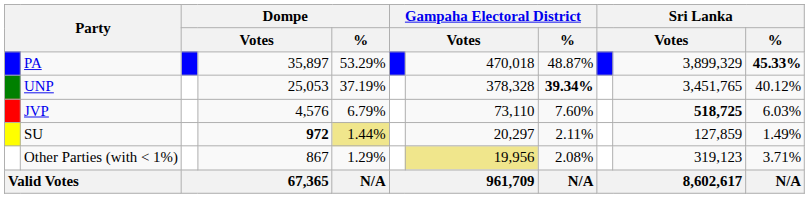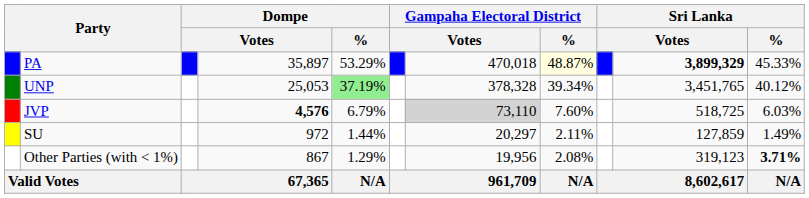 <table class="wikitable">
 <tr>
 <th colspan="2" width="144px"rowspan="2">Party</th>
 <th colspan="3" width="216px">Dompe</th>
 <th colspan="3" width="216px"><a href='#'>Gampaha Electoral District</a></th>
 <th colspan="3" width="216px">Sri Lanka</th>
 </tr>
 <tr>
 <th colspan="2" width="144px">Votes</th>
 <th>%</th>
 <th colspan="2" width="144px">Votes</th>
 <th>%</th>
 <th colspan="2" width="144px">Votes</th>
 <th>%</th>
 </tr>
 <tr>
 <td style="background-color:blue;" width="10px"></td>
 <td style="text-align:left;"><a href='#'>PA</a></td>
 <td style="background-color:blue;" width="10px"></td>
 <td style="text-align:right;">35,897</td>
 <td style="text-align:right;">53.29%</td>
 <td style="background-color:blue;" width="10px"></td>
 <td style="text-align:right;">470,018</td>
-<td style="text-align:right;">48.87%</td>
+<td style="background: lightyellow; text-align:right;">48.87%</td>
 <td style="background-color:blue;" width="10px"></td>
-<td style="text-align:right;">3,899,329</td>
-<td style="text-align:right;"><strong>45.33%</strong></td>
+<td style="text-align:right;"><strong>3,899,329</strong></td>
+<td style="text-align:right;">45.33%</td>
 </tr>
 <tr>
 <td style="background-color:green;" width="10px"></td>
 <td style="text-align:left;"><a href='#'>UNP</a></td>
 <td style="background-color:white;" width="10px"></td>
 <td style="text-align:right;">25,053</td>
-<td style="text-align:right;">37.19%</td>
+<td style="background: lightgreen; text-align:right;">37.19%</td>
 <td style="background-color:white;" width="10px"></td>
 <td style="text-align:right;">378,328</td>
-<td style="text-align:right;"><strong>39.34%</strong></td>
+<td style="text-align:right;">39.34%</td>
 <td style="background-color:white;" width="10px"></td>
 <td style="text-align:right;">3,451,765</td>
 <td style="text-align:right;">40.12%</td>
 </tr>
 <tr>
 <td style="background-color:red;" width="10px"></td>
 <td style="text-align:left;"><a href='#'>JVP</a></td>
 <td style="background-color:white;" width="10px"></td>
-<td style="text-align:right;">4,576</td>
+<td style="text-align:right;"><strong>4,576</strong></td>
 <td style="text-align:right;">6.79%</td>
 <td style="background-color:white;" width="10px"></td>
-<td style="text-align:right;">73,110</td>
+<td style="background: lightgrey; text-align:right;">73,110</td>
 <td style="text-align:right;">7.60%</td>
 <td style="background-color:white;" width="10px"></td>
-<td style="text-align:right;"><strong>518,725</strong></td>
+<td style="text-align:right;">518,725</td>
 <td style="text-align:right;">6.03%</td>
 </tr>
 <tr>
 <td style="background-color:yellow;" width="10px"></td>
 <td style="text-align:left;">SU</td>
 <td style="background-color:white;" width="10px"></td>
-<td style="text-align:right;"><strong>972</strong></td>
-<td style="background: khaki; text-align:right;">1.44%</td>
+<td style="text-align:right;">972</td>
+<td style="text-align:right;">1.44%</td>
 <td style="background-color:white;" width="10px"></td>
 <td style="text-align:right;">20,297</td>
 <td style="text-align:right;">2.11%</td>
 <td style="background-color:white;" width="10px"></td>
 <td style="text-align:right;">127,859</td>
 <td style="text-align:right;">1.49%</td>
 </tr>
 <tr>
 <td style="background-color:white;" width="10px"></td>
 <td style="text-align:left;">Other Parties (with < 1%)</td>
 <td style="background-color:white;" width="10px"></td>
 <td style="text-align:right;">867</td>
 <td style="text-align:right;">1.29%</td>
 <td style="background-color:white;" width="10px"></td>
-<td style="background: khaki; text-align:right;">19,956</td>
+<td style="text-align:right;">19,956</td>
 <td style="text-align:right;">2.08%</td>
 <td style="background-color:white;" width="10px"></td>
 <td style="text-align:right;">319,123</td>
-<td style="text-align:right;">3.71%</td>
+<td style="text-align:right;"><strong>3.71%</strong></td>
 </tr>
 <tr>
 <th colspan="2" width="144px"style="text-align:left;">Valid Votes</th>
 <th style="text-align:right;"colspan="2" width="144px">67,365</th>
 <th style="text-align:right;">N/A</th>
 <th style="text-align:right;"colspan="2" width="144px">961,709</th>
 <th style="text-align:right;">N/A</th>
 <th style="text-align:right;"colspan="2" width="144px">8,602,617</th>
 <th style="text-align:right;">N/A</th>
 </tr>
 </table>
